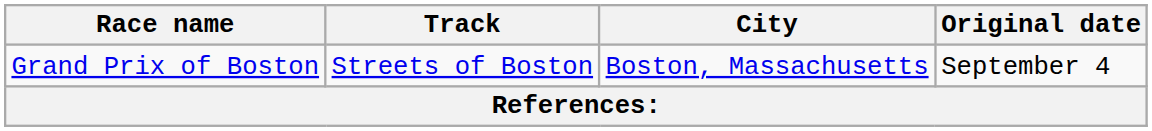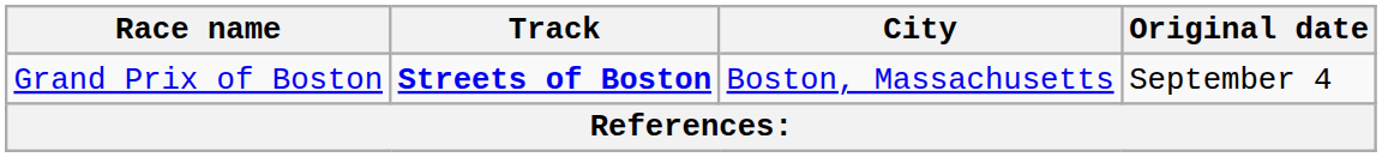 <table class="wikitable" style="font-size: 85%; white-space: nowrap;">
 <tr>
 <th>Race name</th>
 <th>Track</th>
 <th>City</th>
 <th>Original date</th>
 </tr>
 <tr>
 <td><a href='#'>Grand Prix of Boston</a></td>
-<td> <a href='#'>Streets of Boston</a></td>
+<td><strong> <a href='#'>Streets of Boston</a></strong></td>
 <td><a href='#'>Boston, Massachusetts</a></td>
 <td>September 4</td>
 </tr>
 <tr>
 <th colspan="4">References:</th>
 </tr>
 </table>
